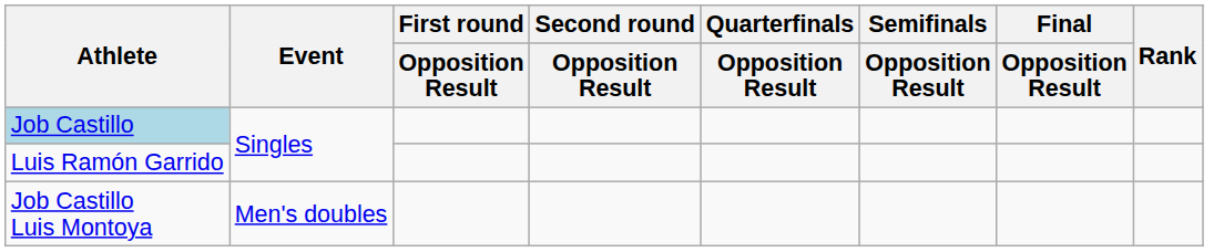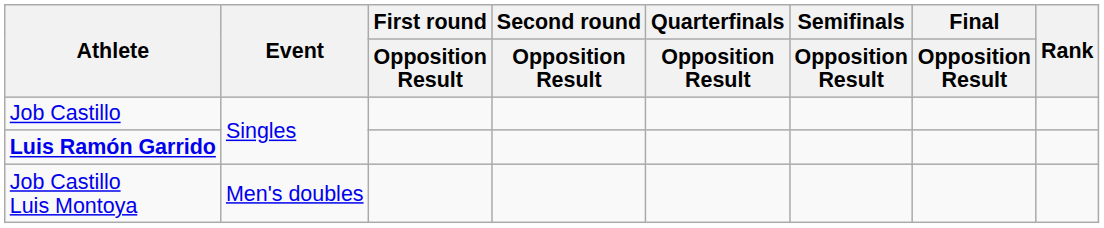 <table class="wikitable" style="font-size:90%">
 <tr>
 <th rowspan="2">Athlete</th>
 <th rowspan="2">Event</th>
 <th>First round</th>
 <th>Second round</th>
 <th>Quarterfinals</th>
 <th>Semifinals</th>
 <th>Final</th>
 <th rowspan="2">Rank</th>
 </tr>
 <tr>
 <th>Opposition<br>Result</th>
 <th>Opposition<br>Result</th>
 <th>Opposition<br>Result</th>
 <th>Opposition<br>Result</th>
 <th>Opposition<br>Result</th>
 </tr>
 <tr>
-<td style="background: lightblue;"><a href='#'>Job Castillo</a></td>
+<td><a href='#'>Job Castillo</a></td>
 <td rowspan=2><a href='#'>Singles</a></td>
 <td></td>
 <td></td>
 <td></td>
 <td></td>
 <td></td>
 <td></td>
 </tr>
 <tr>
-<td><a href='#'>Luis Ramón Garrido</a></td>
+<td><strong><a href='#'>Luis Ramón Garrido</a></strong></td>
 <td></td>
 <td></td>
 <td></td>
 <td></td>
 <td></td>
 <td></td>
 </tr>
 <tr>
 <td><a href='#'>Job Castillo</a><br><a href='#'>Luis Montoya</a></td>
 <td rowspan=2><a href='#'>Men's doubles</a></td>
 <td><br></td>
 <td></td>
 <td></td>
 <td></td>
 <td></td>
 </tr>
 </table>
